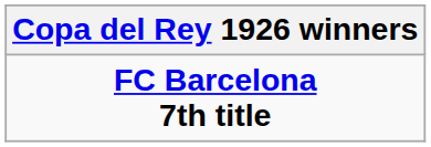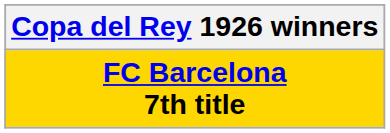 <table class="wikitable" style="text-align: center; margin: 0 auto;">
 <tr>
 <th><a href='#'>Copa del Rey</a> 1926 winners</th>
 </tr>
 <tr>
-<td><strong><a href='#'>FC Barcelona</a></strong><br><strong>7th title</strong></td>
+<td style="background: gold;"><strong><a href='#'>FC Barcelona</a></strong><br><strong>7th title</strong></td>
 </tr>
 </table>
